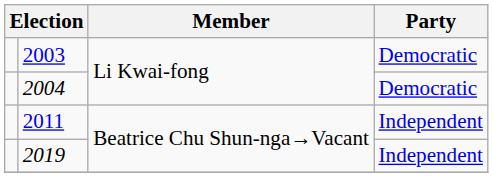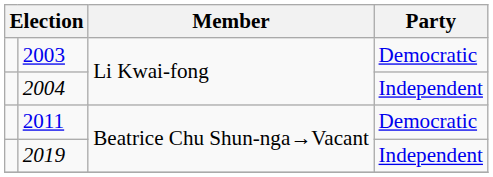 <table class="wikitable">
 <tr>
 <th colspan="2">Election</th>
 <th>Member</th>
 <th>Party</th>
 </tr>
 <tr>
 <td style="color:inherit;background:"></td>
 <td><a href='#'>2003</a></td>
 <td rowspan=2>Li Kwai-fong</td>
 <td><a href='#'>Democratic</a></td>
 </tr>
 <tr>
 <td style="color:inherit;background:"></td>
 <td><em>2004</em></td>
-<td><a href='#'>Democratic</a></td>
+<td><a href='#'>Independent</a></td>
 </tr>
 <tr>
 <td style="color:inherit;background:"></td>
 <td><a href='#'>2011</a></td>
 <td rowspan=2>Beatrice Chu Shun-nga→Vacant</td>
-<td><a href='#'>Independent</a></td>
+<td><a href='#'>Democratic</a></td>
 </tr>
 <tr>
 <td style="color:inherit;background:"></td>
 <td><em>2019</em></td>
 <td><a href='#'>Independent</a></td>
 </tr>
 <tr>
 </tr>
 </table>
